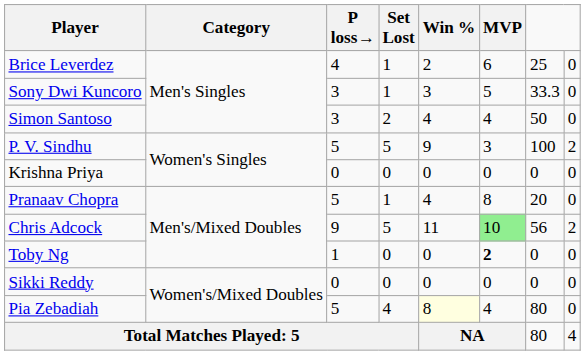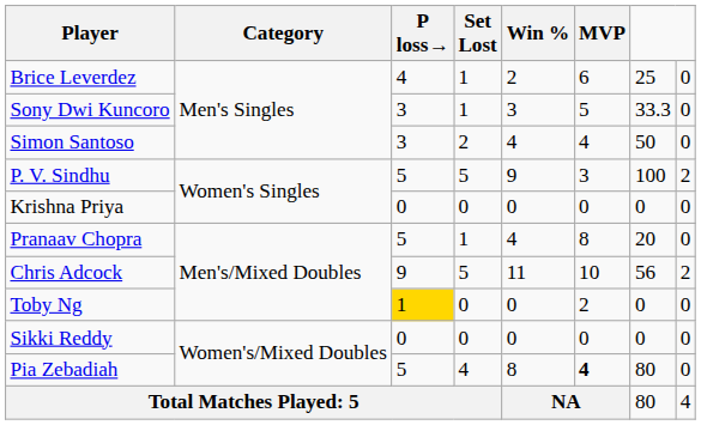 <table class="wikitable">
 <tr>
 <th>Player</th>
 <th>Category</th>
 <th>P<br>loss→</th>
 <th>Set<br>Lost</th>
 <th>Win %</th>
 <th>MVP</th>
 </tr>
 <tr>
 <td> <a href='#'>Brice Leverdez</a></td>
 <td rowspan="3">Men's Singles</td>
 <td>4</td>
 <td>1</td>
 <td>2</td>
 <td>6</td>
 <td>25</td>
 <td>0</td>
 </tr>
 <tr>
 <td> <a href='#'>Sony Dwi Kuncoro</a></td>
 <td>3</td>
 <td>1</td>
 <td>3</td>
 <td>5</td>
 <td>33.3</td>
 <td>0</td>
 </tr>
 <tr>
 <td> <a href='#'>Simon Santoso</a></td>
 <td>3</td>
 <td>2</td>
 <td>4</td>
 <td>4</td>
 <td>50</td>
 <td>0</td>
 </tr>
 <tr>
 <td> <a href='#'>P. V. Sindhu</a></td>
 <td rowspan="2">Women's Singles</td>
 <td>5</td>
 <td>5</td>
 <td>9</td>
 <td>3</td>
 <td>100</td>
 <td>2</td>
 </tr>
 <tr>
 <td> Krishna Priya</td>
 <td>0</td>
 <td>0</td>
 <td>0</td>
 <td>0</td>
 <td>0</td>
 <td>0</td>
 </tr>
 <tr>
 <td> <a href='#'>Pranaav Chopra</a></td>
 <td rowspan="3">Men's/Mixed Doubles</td>
 <td>5</td>
 <td>1</td>
 <td>4</td>
 <td>8</td>
 <td>20</td>
 <td>0</td>
 </tr>
 <tr>
 <td> <a href='#'>Chris Adcock</a></td>
 <td>9</td>
 <td>5</td>
 <td>11</td>
-<td style="background: lightgreen;">10</td>
+<td>10</td>
 <td>56</td>
 <td>2</td>
 </tr>
 <tr>
 <td> <a href='#'>Toby Ng</a></td>
-<td>1</td>
+<td style="background: gold;">1</td>
 <td>0</td>
 <td>0</td>
-<td><strong>2</strong></td>
+<td>2</td>
 <td>0</td>
 <td>0</td>
 </tr>
 <tr>
 <td> <a href='#'>Sikki Reddy</a></td>
 <td rowspan="2">Women's/Mixed Doubles</td>
 <td>0</td>
 <td>0</td>
 <td>0</td>
 <td>0</td>
 <td>0</td>
 <td>0</td>
 </tr>
 <tr>
 <td> <a href='#'>Pia Zebadiah</a></td>
 <td>5</td>
 <td>4</td>
-<td style="background: lightyellow;">8</td>
-<td>4</td>
+<td>8</td>
+<td><strong>4</strong></td>
 <td>80</td>
 <td>0</td>
 </tr>
 <tr>
 <th colspan="4">Total Matches Played: 5</th>
 <th colspan="2">NA</th>
 <td>80</td>
 <td>4</td>
 </tr>
 </table>
